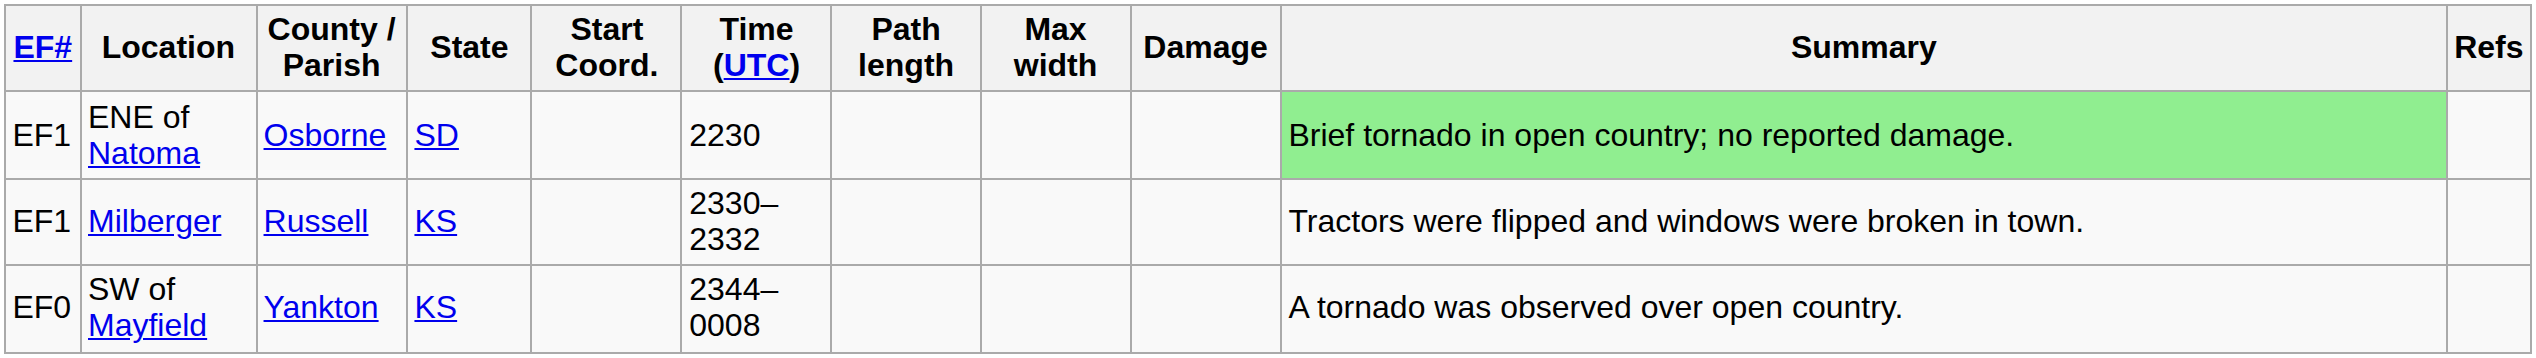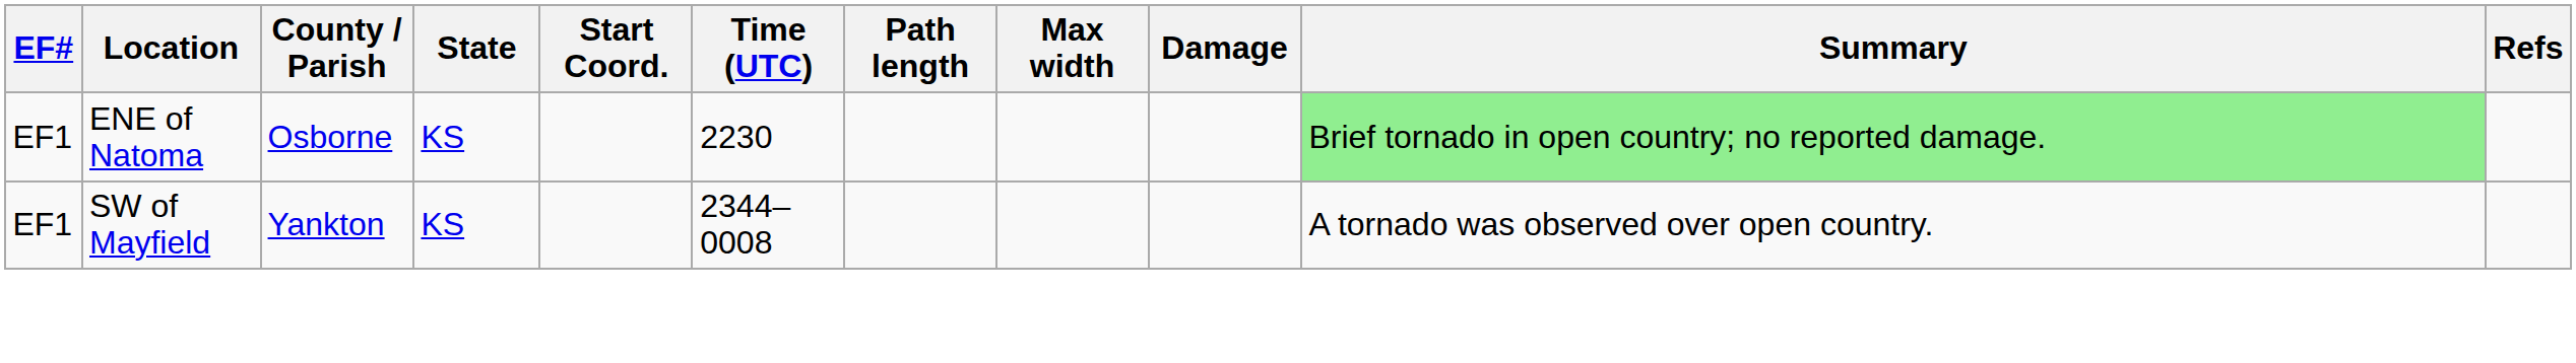 <table class="wikitable sortable" style="width:100%;">
 <tr>
 <th scope="col" width="3%" align="center"><a href='#'>EF#</a></th>
 <th scope="col" width="7%" align="center" class="unsortable">Location</th>
 <th scope="col" width="6%" align="center" class="unsortable">County / Parish</th>
 <th scope="col" width="5%" align="center">State</th>
 <th scope="col" width="6%" align="center">Start Coord.</th>
 <th scope="col" width="6%" align="center">Time (<a href='#'>UTC</a>)</th>
 <th scope="col" width="6%" align="center">Path length</th>
 <th scope="col" width="6%" align="center">Max width</th>
 <th scope="col" width="6%" align="center">Damage</th>
 <th scope="col" width="48%" class="unsortable" align="center">Summary</th>
 <th scope="col" width="48%" class="unsortable" align="center">Refs</th>
 </tr>
 <tr>
 <td>EF1</td>
 <td>ENE of <a href='#'>Natoma</a></td>
 <td><a href='#'>Osborne</a></td>
-<td><a href='#'>SD</a></td>
+<td><a href='#'>KS</a></td>
 <td></td>
 <td>2230</td>
 <td></td>
 <td></td>
 <td></td>
 <td style="background: lightgreen;">Brief tornado in open country; no reported damage.</td>
 <td></td>
 </tr>
 <tr>
 <td>EF1</td>
-<td><a href='#'>Milberger</a></td>
-<td><a href='#'>Russell</a></td>
-<td><a href='#'>KS</a></td>
-<td></td>
-<td>2330–2332</td>
-<td></td>
-<td></td>
-<td></td>
-<td>Tractors were flipped and windows were broken in town.</td>
-<td></td>
-</tr>
-<tr>
-<td>EF0</td>
 <td>SW of <a href='#'>Mayfield</a></td>
 <td><a href='#'>Yankton</a></td>
 <td><a href='#'>KS</a></td>
 <td></td>
 <td>2344–0008</td>
 <td></td>
 <td></td>
 <td></td>
 <td>A tornado was observed over open country.</td>
 <td></td>
 </tr>
 <tr>
 </tr>
 </table>
